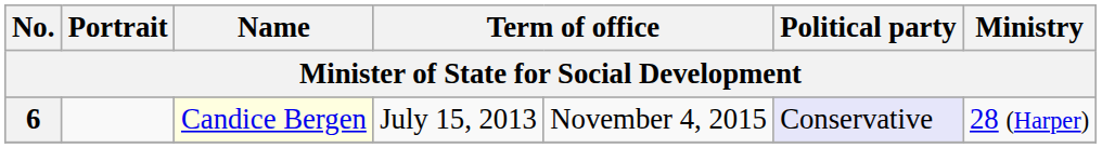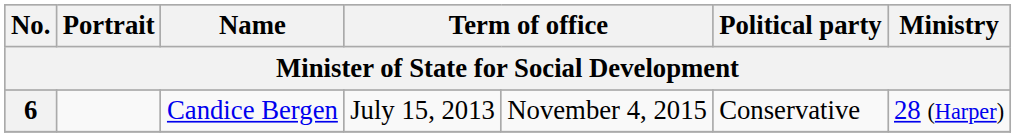 <table class="wikitable">
 <tr>
 <th>No.</th>
 <th>Portrait</th>
 <th>Name</th>
 <th colspan=2>Term of office</th>
 <th>Political party</th>
 <th>Ministry</th>
 </tr>
 <tr>
 <th colspan=7>Minister of State for Social Development</th>
 </tr>
 <tr>
 <th style="background:">6</th>
 <td></td>
-<td style="background: lightyellow;"><a href='#'>Candice Bergen</a></td>
+<td><a href='#'>Candice Bergen</a></td>
 <td>July 15, 2013</td>
 <td>November 4, 2015</td>
-<td style="background: lavender;">Conservative</td>
+<td>Conservative</td>
 <td><a href='#'>28</a> <small>(<a href='#'>Harper</a>)</small></td>
 </tr>
 <tr>
 </tr>
 </table>
